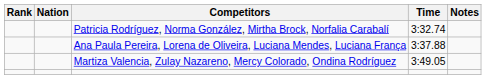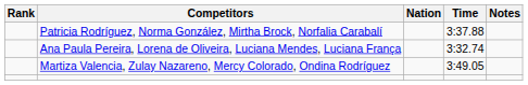 <table class="wikitable sortable" style="text-align:center; font-size:95%">
 <tr>
 <th>Rank</th>
+<th>Competitors</th>
 <th>Nation</th>
-<th>Competitors</th>
 <th>Time</th>
 <th>Notes</th>
 </tr>
 <tr>
 <td></td>
+<td align=left><a href='#'>Patricia Rodríguez</a>, <a href='#'>Norma González</a>, <a href='#'>Mirtha Brock</a>, <a href='#'>Norfalia Carabalí</a></td>
 <td align=left></td>
-<td align=left><a href='#'>Patricia Rodríguez</a>, <a href='#'>Norma González</a>, <a href='#'>Mirtha Brock</a>, <a href='#'>Norfalia Carabalí</a></td>
+<td>3:37.88</td>
+<td></td>
+</tr>
+<tr>
+<td></td>
+<td align=left><a href='#'>Ana Paula Pereira</a>, <a href='#'>Lorena de Oliveira</a>, <a href='#'>Luciana Mendes</a>, <a href='#'>Luciana França</a></td>
+<td align=left></td>
 <td>3:32.74</td>
 <td></td>
 </tr>
 <tr>
 <td></td>
+<td align=left><a href='#'>Martiza Valencia</a>, <a href='#'>Zulay Nazareno</a>, <a href='#'>Mercy Colorado</a>, <a href='#'>Ondina Rodríguez</a></td>
 <td align=left></td>
-<td align=left><a href='#'>Ana Paula Pereira</a>, <a href='#'>Lorena de Oliveira</a>, <a href='#'>Luciana Mendes</a>, <a href='#'>Luciana França</a></td>
-<td>3:37.88</td>
-<td></td>
-</tr>
-<tr>
-<td></td>
-<td align=left></td>
-<td align=left><a href='#'>Martiza Valencia</a>, <a href='#'>Zulay Nazareno</a>, <a href='#'>Mercy Colorado</a>, <a href='#'>Ondina Rodríguez</a></td>
 <td>3:49.05</td>
 <td></td>
 </tr>
 <tr>
 <td></td>
 <td align=left></td>
 <td align=left></td>
 <td></td>
 <td></td>
 </tr>
 </table>
